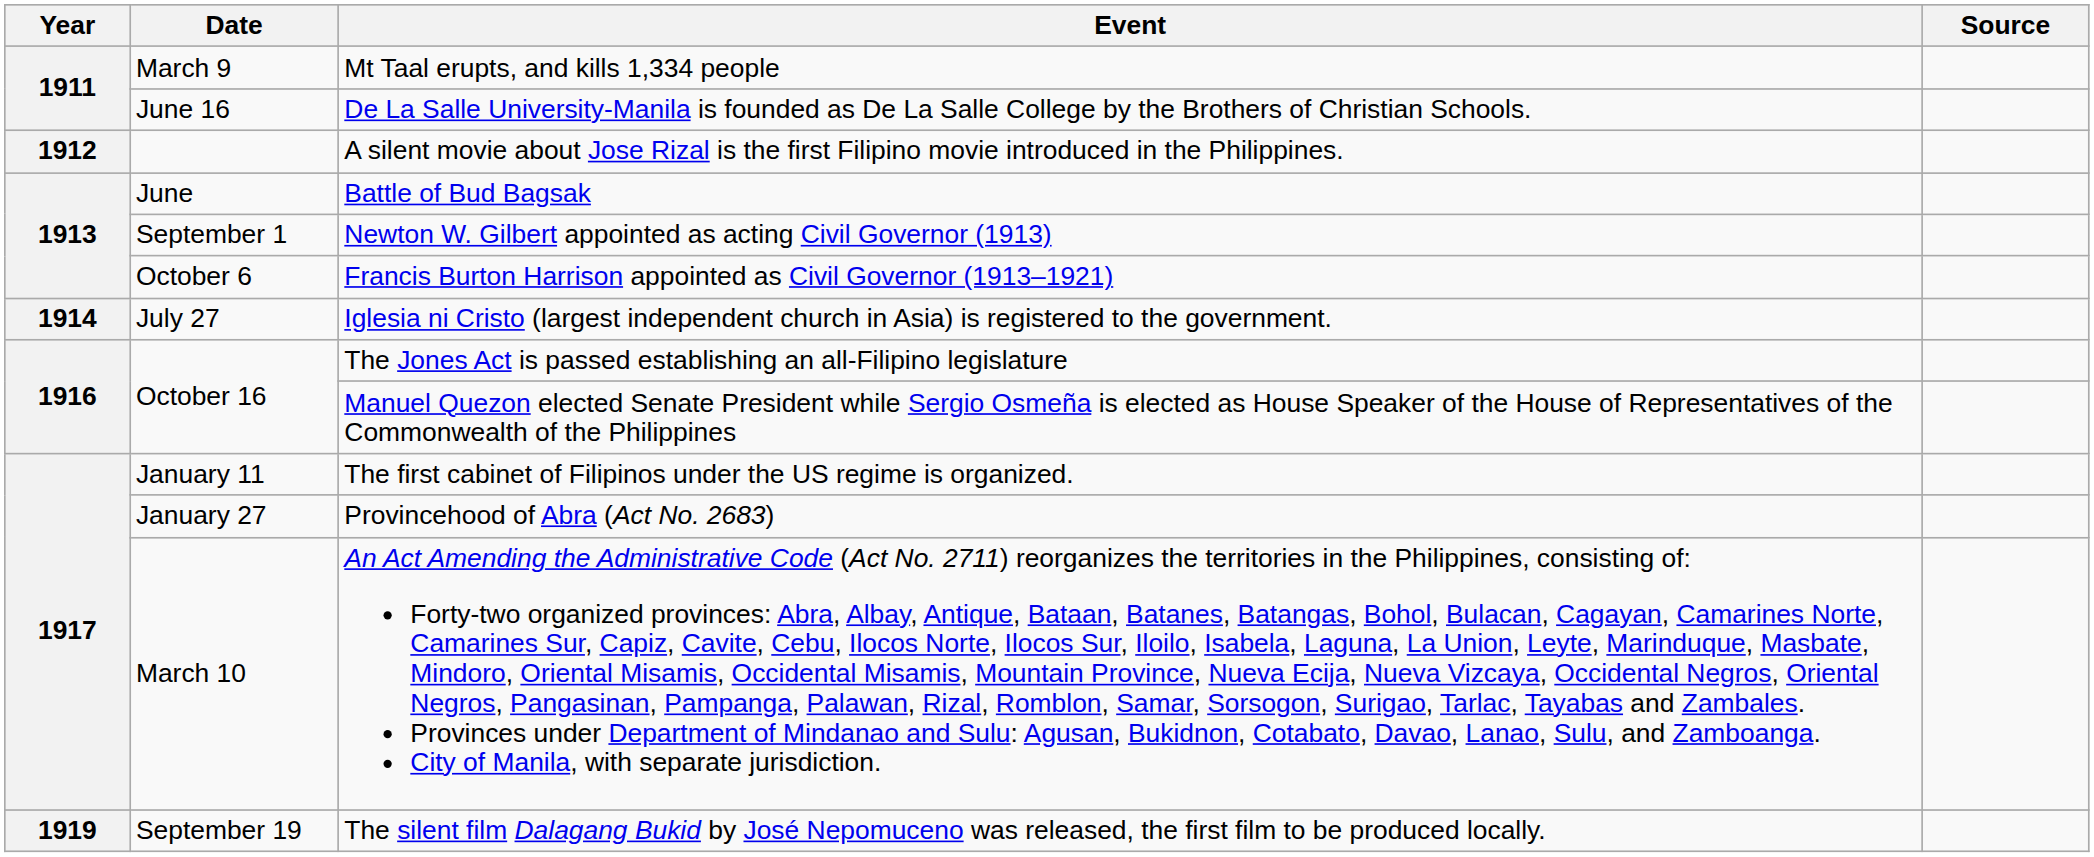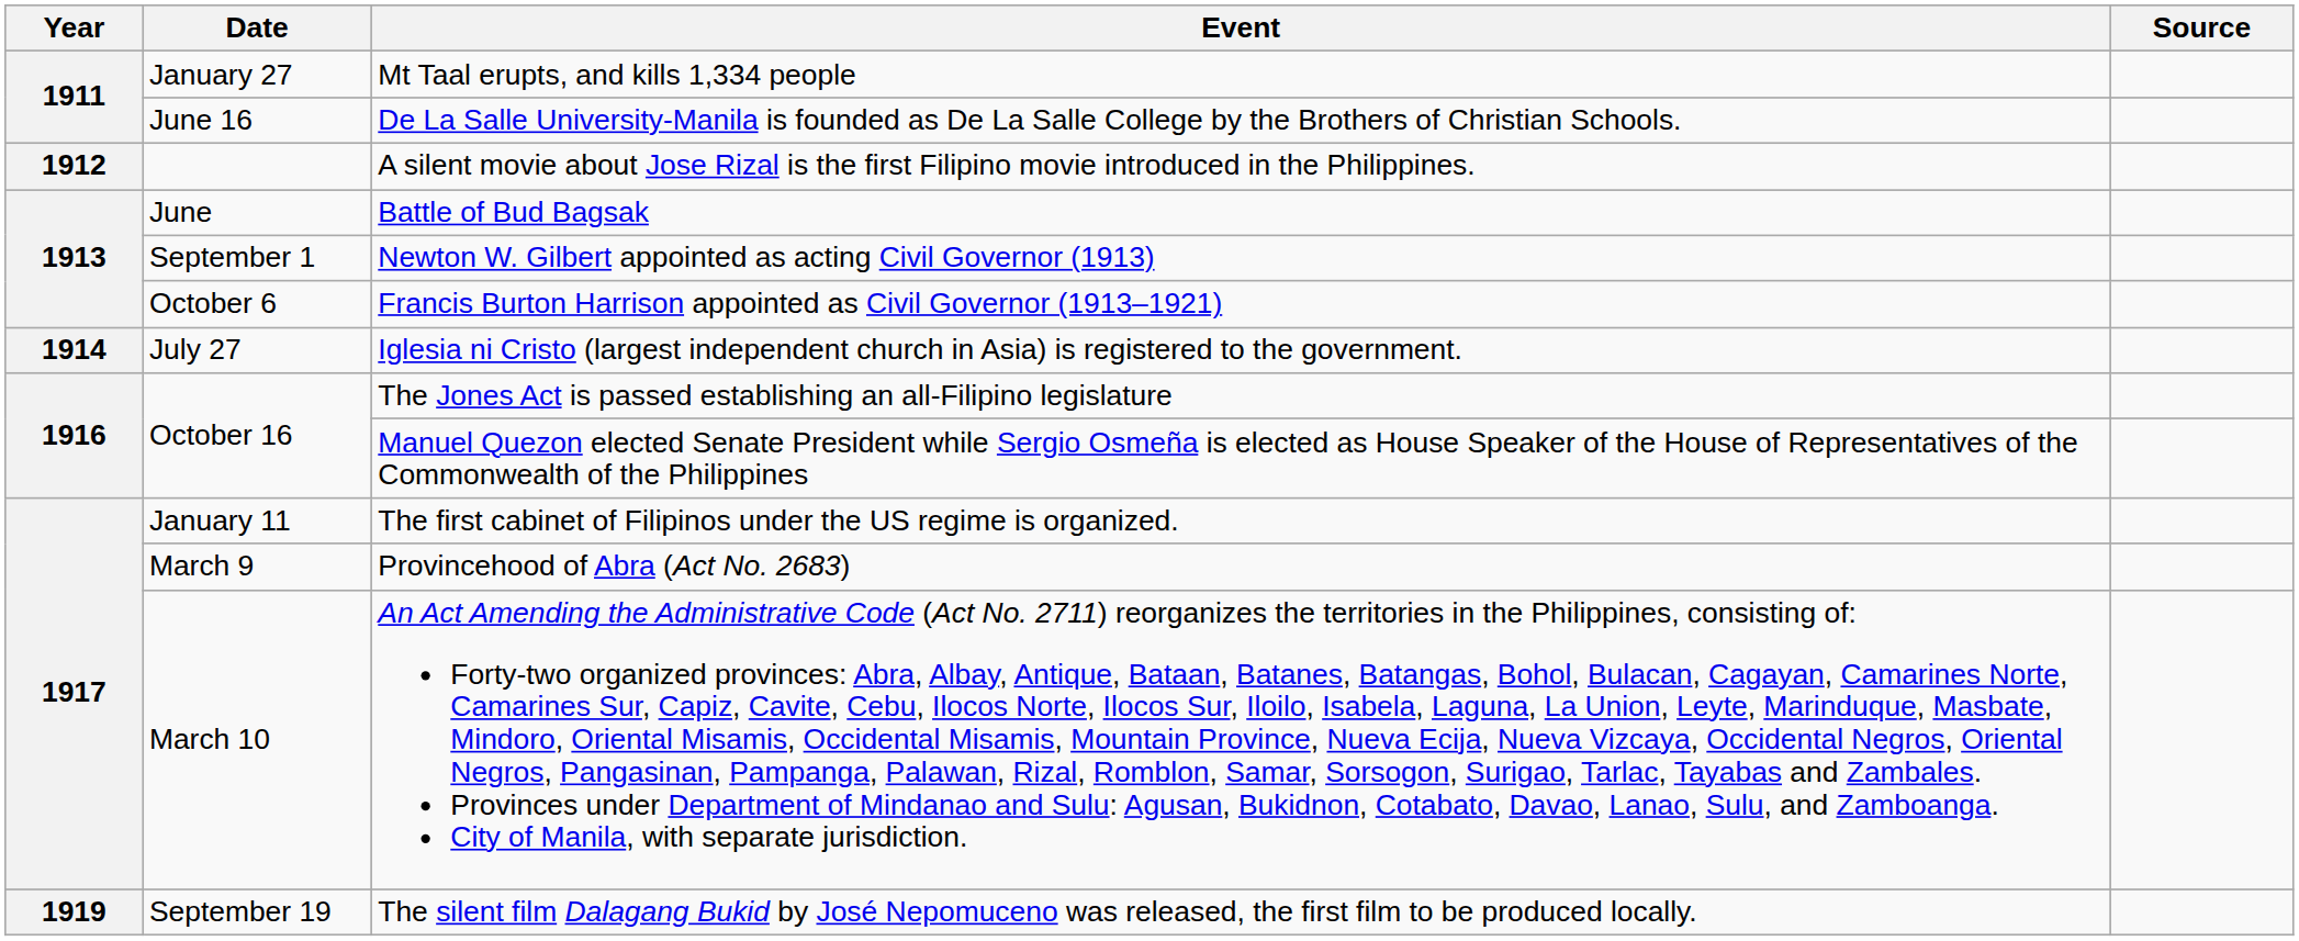 <table class="wikitable toptextcells" style="width:100%;">
 <tr>
 <th scope="col" style="width:6%;">Year</th>
 <th scope="col" style="width:10%;">Date</th>
 <th scope="col">Event</th>
 <th scope="col" style="width:8%;">Source</th>
 </tr>
 <tr>
 <th scope="row" rowspan="2">1911</th>
-<td>March 9</td>
+<td>January 27</td>
 <td>Mt Taal erupts, and kills 1,334 people</td>
 <td></td>
 </tr>
 <tr>
 <td>June 16</td>
 <td><a href='#'>De La Salle University-Manila</a> is founded as De La Salle College by the Brothers of Christian Schools.</td>
 <td></td>
 </tr>
 <tr>
 <th scope="row">1912</th>
 <td></td>
 <td>A silent movie about <a href='#'>Jose Rizal</a> is the first Filipino movie introduced in the Philippines.</td>
 <td><br></td>
 </tr>
 <tr>
 <th scope="row" rowspan="3">1913</th>
 <td>June</td>
 <td><a href='#'>Battle of Bud Bagsak</a></td>
 <td></td>
 </tr>
 <tr>
 <td>September 1</td>
 <td><a href='#'>Newton W. Gilbert</a> appointed as acting <a href='#'>Civil Governor (1913)</a></td>
 <td></td>
 </tr>
 <tr>
 <td>October 6</td>
 <td><a href='#'>Francis Burton Harrison</a> appointed as <a href='#'>Civil Governor (1913–1921)</a></td>
 <td></td>
 </tr>
 <tr>
 <th scope="row">1914</th>
 <td>July 27</td>
 <td><a href='#'>Iglesia ni Cristo</a> (largest independent church in Asia) is registered to the government.</td>
 <td></td>
 </tr>
 <tr>
 <th scope="row" rowspan="2">1916</th>
 <td rowspan="2">October 16</td>
 <td>The <a href='#'>Jones Act</a> is passed establishing an all-Filipino legislature</td>
 <td></td>
 </tr>
 <tr>
 <td><a href='#'>Manuel Quezon</a> elected Senate President while <a href='#'>Sergio Osmeña</a> is elected as House Speaker of the House of Representatives of the Commonwealth of the Philippines</td>
 <td><br></td>
 </tr>
 <tr>
 <th scope="row" rowspan="3">1917</th>
 <td>January 11</td>
 <td>The first cabinet of Filipinos under the US regime is organized.</td>
 <td></td>
 </tr>
 <tr>
-<td>January 27</td>
+<td>March 9</td>
 <td>Provincehood of <a href='#'>Abra</a> (<em>Act No. 2683</em>)</td>
 <td></td>
 </tr>
 <tr>
 <td>March 10</td>
 <td><em><a href='#'>An Act Amending the Administrative Code</a></em> (<em>Act No. 2711</em>) reorganizes the territories in the Philippines, consisting of:<br><ul><li>Forty-two organized provinces: <a href='#'>Abra</a>, <a href='#'>Albay</a>, <a href='#'>Antique</a>, <a href='#'>Bataan</a>, <a href='#'>Batanes</a>, <a href='#'>Batangas</a>, <a href='#'>Bohol</a>, <a href='#'>Bulacan</a>, <a href='#'>Cagayan</a>, <a href='#'>Camarines Norte</a>, <a href='#'>Camarines Sur</a>, <a href='#'>Capiz</a>, <a href='#'>Cavite</a>, <a href='#'>Cebu</a>, <a href='#'>Ilocos Norte</a>, <a href='#'>Ilocos Sur</a>, <a href='#'>Iloilo</a>, <a href='#'>Isabela</a>, <a href='#'>Laguna</a>, <a href='#'>La Union</a>, <a href='#'>Leyte</a>, <a href='#'>Marinduque</a>, <a href='#'>Masbate</a>, <a href='#'>Mindoro</a>, <a href='#'>Oriental Misamis</a>, <a href='#'>Occidental Misamis</a>, <a href='#'>Mountain Province</a>, <a href='#'>Nueva Ecija</a>, <a href='#'>Nueva Vizcaya</a>, <a href='#'>Occidental Negros</a>, <a href='#'>Oriental Negros</a>, <a href='#'>Pangasinan</a>, <a href='#'>Pampanga</a>, <a href='#'>Palawan</a>, <a href='#'>Rizal</a>, <a href='#'>Romblon</a>, <a href='#'>Samar</a>, <a href='#'>Sorsogon</a>, <a href='#'>Surigao</a>, <a href='#'>Tarlac</a>, <a href='#'>Tayabas</a> and <a href='#'>Zambales</a>.</li><li>Provinces under <a href='#'>Department of Mindanao and Sulu</a>: <a href='#'>Agusan</a>, <a href='#'>Bukidnon</a>, <a href='#'>Cotabato</a>, <a href='#'>Davao</a>, <a href='#'>Lanao</a>, <a href='#'>Sulu</a>, and <a href='#'>Zamboanga</a>.</li><li><a href='#'>City of Manila</a>, with separate jurisdiction.</li></ul></td>
 <td></td>
 </tr>
 <tr>
 <th scope="row">1919</th>
 <td>September 19</td>
 <td>The <a href='#'>silent film</a> <em><a href='#'>Dalagang Bukid</a></em> by <a href='#'>José Nepomuceno</a> was released, the first film to be produced locally.</td>
 <td><br></td>
 </tr>
 </table>
